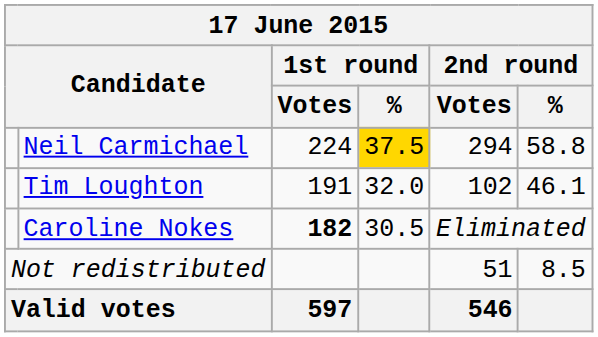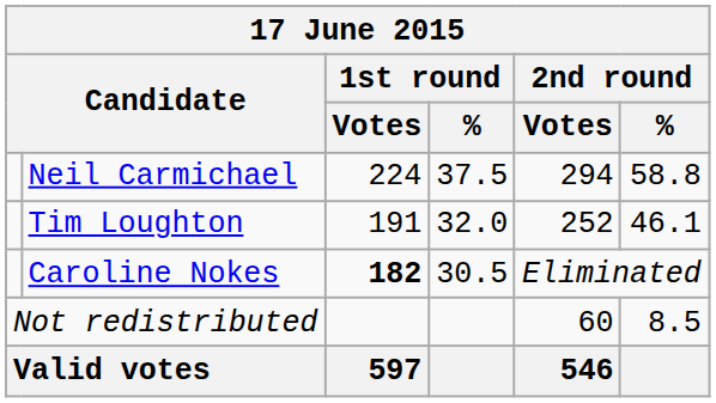 <table class="wikitable" style="min-width:250px">
 <tr>
 <th colspan="8">17 June 2015</th>
 </tr>
 <tr>
 <th colspan="2" rowspan="2">Candidate</th>
 <th colspan="2">1st round</th>
 <th colspan="2">2nd round</th>
 </tr>
 <tr>
 <th>Votes</th>
 <th>%</th>
 <th>Votes</th>
 <th>%</th>
 </tr>
 <tr>
 <td style="color:inherit;background-color: "></td>
 <td><a href='#'>Neil Carmichael</a></td>
 <td align="right">224</td>
-<td align="right" style="background: gold;">37.5</td>
+<td align="right">37.5</td>
 <td align="right">294</td>
 <td align="right">58.8</td>
 </tr>
 <tr>
 <td style="color:inherit;background-color: "></td>
 <td><a href='#'>Tim Loughton</a></td>
 <td align="right">191</td>
 <td align="right">32.0</td>
-<td align="right">102</td>
+<td align="right">252</td>
 <td align="right">46.1</td>
 </tr>
 <tr>
 <td style="color:inherit;background-color: "></td>
 <td><a href='#'>Caroline Nokes</a></td>
 <td align="right"><strong>182</strong></td>
 <td align="right">30.5</td>
 <td colspan="2"><em>Eliminated</em></td>
 </tr>
 <tr>
 <td colspan="2"><em>Not redistributed</em></td>
 <td align="right"></td>
 <td align="right"></td>
-<td align="right">51</td>
+<td align="right">60</td>
 <td align="right">8.5</td>
 </tr>
 <tr>
 <th style="text-align:left;" colspan="2">Valid votes</th>
 <th style="text-align:right;">597</th>
 <th style="text-align:right;"></th>
 <th style="text-align:right;">546</th>
 <th style="text-align:right;"></th>
 </tr>
 </table>
